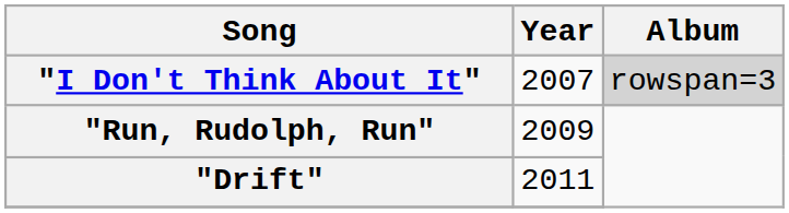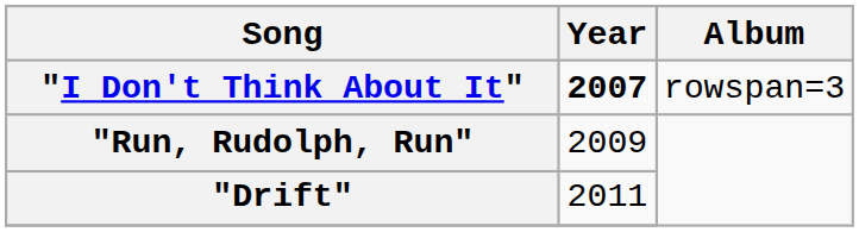 <table class="wikitable plainrowheaders" style="text-align:center;">
 <tr>
 <th scope="col" style="width:16em;">Song</th>
 <th scope="col">Year</th>
 <th scope="col">Album</th>
 </tr>
 <tr>
 <th scope="row">"<a href='#'>I Don't Think About It</a>"</th>
-<td>2007</td>
-<td style="background: lightgrey;">rowspan=3 </td>
+<td><strong>2007</strong></td>
+<td>rowspan=3 </td>
 </tr>
 <tr>
 <th scope="row">"Run, Rudolph, Run"</th>
 <td>2009</td>
 </tr>
 <tr>
 <th scope="row">"Drift"</th>
 <td>2011</td>
 </tr>
 <tr>
 </tr>
 </table>
